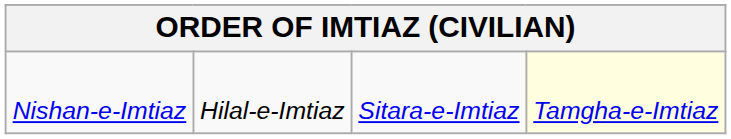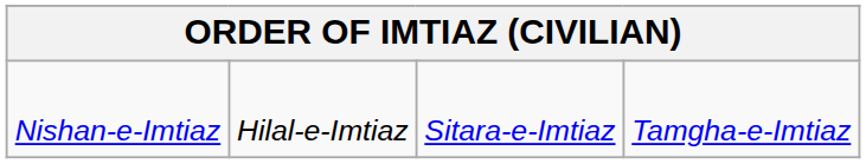 <table class="wikitable" style="margin: 1em auto;">
 <tr>
 <th colspan="4">ORDER OF IMTIAZ (CIVILIAN)</th>
 </tr>
 <tr align="center">
 <td><br><em><small><a href='#'>Nishan-e-Imtiaz</a></small></em></td>
 <td><br><em><small>Hilal-e-Imtiaz</small></em></td>
 <td><br><em><small><a href='#'>Sitara-e-Imtiaz</a></small></em></td>
-<td style="background: lightyellow;"><br><em><small><a href='#'>Tamgha-e-Imtiaz</a></small></em></td>
+<td><br><em><small><a href='#'>Tamgha-e-Imtiaz</a></small></em></td>
 </tr>
 </table>
